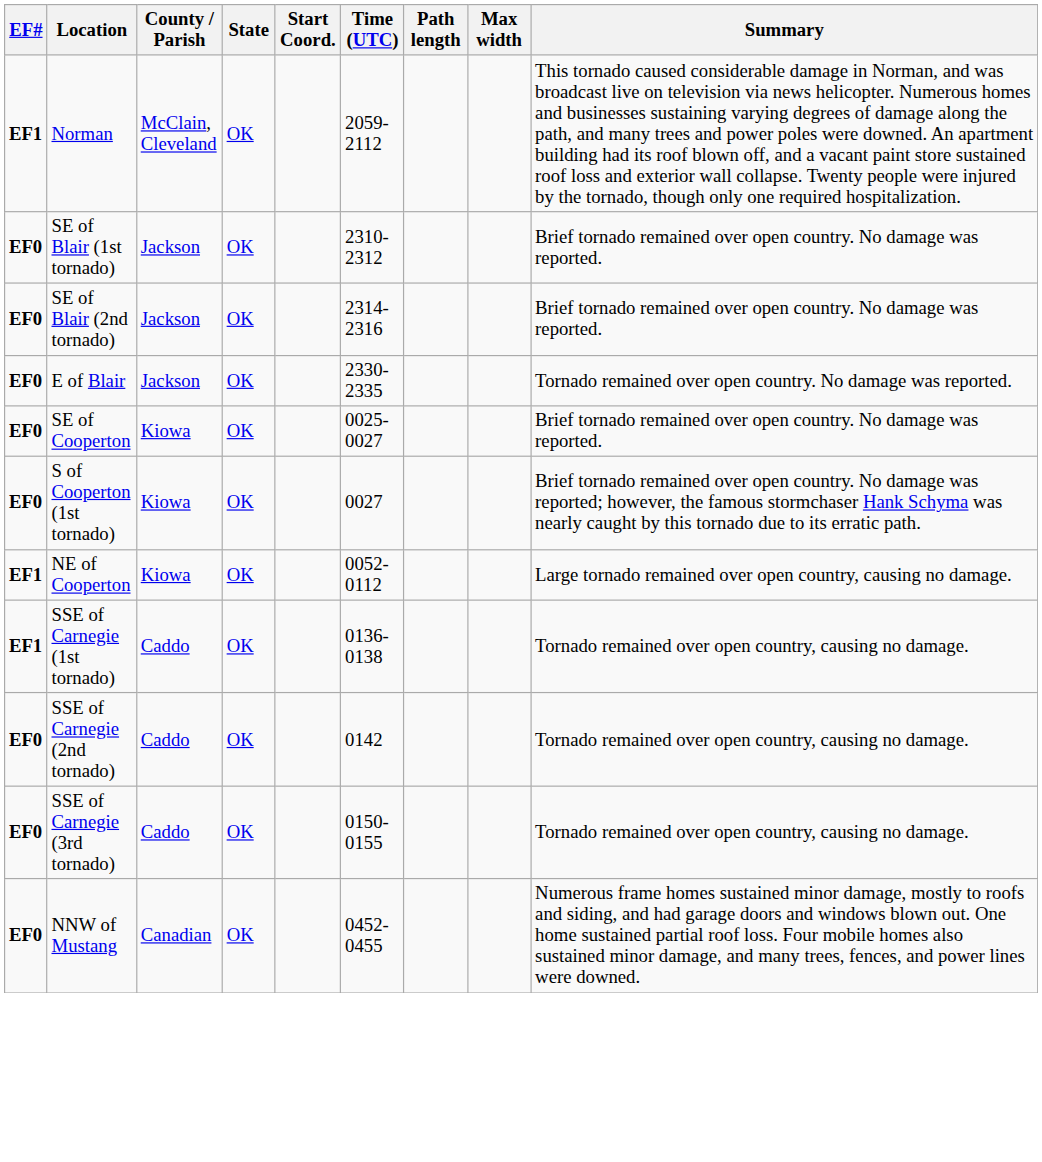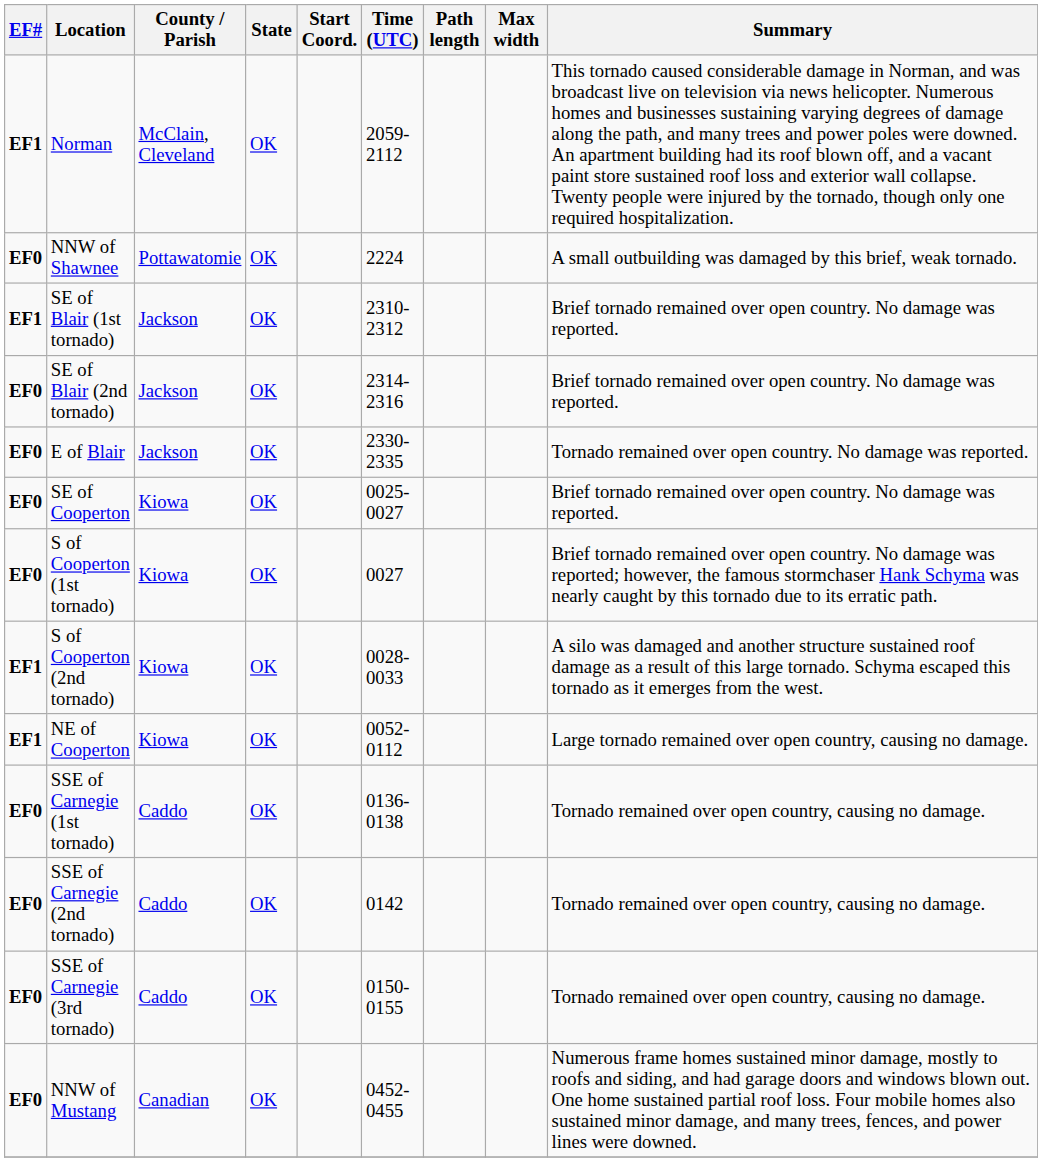 <table class="wikitable sortable" style="width:100%;">
 <tr>
 <th scope="col"  style="width:3%; text-align:center;"><a href='#'>EF#</a></th>
 <th scope="col"  style="width:7%; text-align:center;" class="unsortable">Location</th>
 <th scope="col"  style="width:6%; text-align:center;" class="unsortable">County / Parish</th>
 <th scope="col"  style="width:5%; text-align:center;">State</th>
 <th scope="col"  style="width:6%; text-align:center;">Start Coord.</th>
 <th scope="col"  style="width:6%; text-align:center;">Time (<a href='#'>UTC</a>)</th>
 <th scope="col"  style="width:6%; text-align:center;">Path length</th>
 <th scope="col"  style="width:6%; text-align:center;">Max width</th>
 <th scope="col" class="unsortable" style="width:48%; text-align:center;">Summary</th>
 </tr>
 <tr>
 <td><strong>EF1</strong></td>
 <td><a href='#'>Norman</a></td>
 <td><a href='#'>McClain</a>, <a href='#'>Cleveland</a></td>
 <td><a href='#'>OK</a></td>
 <td></td>
 <td>2059-2112</td>
 <td></td>
 <td></td>
 <td>This tornado caused considerable damage in Norman, and was broadcast live on television via news helicopter. Numerous homes and businesses sustaining varying degrees of damage along the path, and many trees and power poles were downed. An apartment building had its roof blown off, and a vacant paint store sustained roof loss and exterior wall collapse. Twenty people were injured by the tornado, though only one required hospitalization.</td>
 </tr>
 <tr>
 <td><strong>EF0</strong></td>
+<td>NNW of <a href='#'>Shawnee</a></td>
+<td><a href='#'>Pottawatomie</a></td>
+<td><a href='#'>OK</a></td>
+<td></td>
+<td>2224</td>
+<td></td>
+<td></td>
+<td>A small outbuilding was damaged by this brief, weak tornado.</td>
+</tr>
+<tr>
+<td><strong>EF1</strong></td>
 <td>SE of <a href='#'>Blair</a> (1st tornado)</td>
 <td><a href='#'>Jackson</a></td>
 <td><a href='#'>OK</a></td>
 <td></td>
 <td>2310-2312</td>
 <td></td>
 <td></td>
 <td>Brief tornado remained over open country. No damage was reported.</td>
 </tr>
 <tr>
 <td><strong>EF0</strong></td>
 <td>SE of <a href='#'>Blair</a> (2nd tornado)</td>
 <td><a href='#'>Jackson</a></td>
 <td><a href='#'>OK</a></td>
 <td></td>
 <td>2314-2316</td>
 <td></td>
 <td></td>
 <td>Brief tornado remained over open country. No damage was reported.</td>
 </tr>
 <tr>
 <td><strong>EF0</strong></td>
 <td>E of <a href='#'>Blair</a></td>
 <td><a href='#'>Jackson</a></td>
 <td><a href='#'>OK</a></td>
 <td></td>
 <td>2330-2335</td>
 <td></td>
 <td></td>
 <td>Tornado remained over open country. No damage was reported.</td>
 </tr>
 <tr>
 <td><strong>EF0</strong></td>
 <td>SE of <a href='#'>Cooperton</a></td>
 <td><a href='#'>Kiowa</a></td>
 <td><a href='#'>OK</a></td>
 <td></td>
 <td>0025-0027</td>
 <td></td>
 <td></td>
 <td>Brief tornado remained over open country. No damage was reported.</td>
 </tr>
 <tr>
 <td><strong>EF0</strong></td>
 <td>S of <a href='#'>Cooperton</a> (1st tornado)</td>
 <td><a href='#'>Kiowa</a></td>
 <td><a href='#'>OK</a></td>
 <td></td>
 <td>0027</td>
 <td></td>
 <td></td>
 <td>Brief tornado remained over open country. No damage was reported; however, the famous stormchaser <a href='#'>Hank Schyma</a> was nearly caught by this tornado due to its erratic path.</td>
 </tr>
 <tr>
 <td><strong>EF1</strong></td>
+<td>S of <a href='#'>Cooperton</a> (2nd tornado)</td>
+<td><a href='#'>Kiowa</a></td>
+<td><a href='#'>OK</a></td>
+<td></td>
+<td>0028-0033</td>
+<td></td>
+<td></td>
+<td>A silo was damaged and another structure sustained roof damage as a result of this large tornado. Schyma escaped this tornado as it emerges from the west.</td>
+</tr>
+<tr>
+<td><strong>EF1</strong></td>
 <td>NE of <a href='#'>Cooperton</a></td>
 <td><a href='#'>Kiowa</a></td>
 <td><a href='#'>OK</a></td>
 <td></td>
 <td>0052-0112</td>
 <td></td>
 <td></td>
 <td>Large tornado remained over open country, causing no damage.</td>
 </tr>
 <tr>
-<td><strong>EF1</strong></td>
+<td><strong>EF0</strong></td>
 <td>SSE of <a href='#'>Carnegie</a> (1st tornado)</td>
 <td><a href='#'>Caddo</a></td>
 <td><a href='#'>OK</a></td>
 <td></td>
 <td>0136-0138</td>
 <td></td>
 <td></td>
 <td>Tornado remained over open country, causing no damage.</td>
 </tr>
 <tr>
 <td><strong>EF0</strong></td>
 <td>SSE of <a href='#'>Carnegie</a> (2nd tornado)</td>
 <td><a href='#'>Caddo</a></td>
 <td><a href='#'>OK</a></td>
 <td></td>
 <td>0142</td>
 <td></td>
 <td></td>
 <td>Tornado remained over open country, causing no damage.</td>
 </tr>
 <tr>
 <td><strong>EF0</strong></td>
 <td>SSE of <a href='#'>Carnegie</a> (3rd tornado)</td>
 <td><a href='#'>Caddo</a></td>
 <td><a href='#'>OK</a></td>
 <td></td>
 <td>0150-0155</td>
 <td></td>
 <td></td>
 <td>Tornado remained over open country, causing no damage.</td>
 </tr>
 <tr>
 <td><strong>EF0</strong></td>
 <td>NNW of <a href='#'>Mustang</a></td>
 <td><a href='#'>Canadian</a></td>
 <td><a href='#'>OK</a></td>
 <td></td>
 <td>0452-0455</td>
 <td></td>
 <td></td>
 <td>Numerous frame homes sustained minor damage, mostly to roofs and siding, and had garage doors and windows blown out. One home sustained partial roof loss. Four mobile homes also sustained minor damage, and many trees, fences, and power lines were downed.</td>
 </tr>
 <tr>
 </tr>
 </table>
